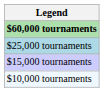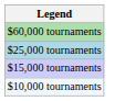 <table class=wikitable style="font-size:85%">
 <tr>
 <th>Legend</th>
 </tr>
 <tr style="background:#addfad;">
-<td><strong>$60,000 tournaments</strong></td>
+<td>$60,000 tournaments</td>
 </tr>
 <tr style="background:lightblue;">
 <td>$25,000 tournaments</td>
 </tr>
 <tr style="background:#ccccff;">
 <td>$15,000 tournaments</td>
 </tr>
 <tr style="background:#f0f8ff;">
 <td>$10,000 tournaments</td>
 </tr>
 </table>
